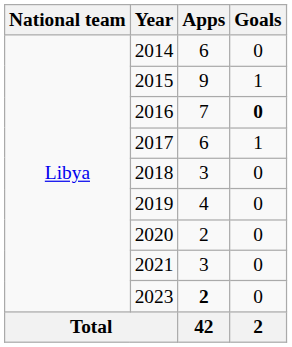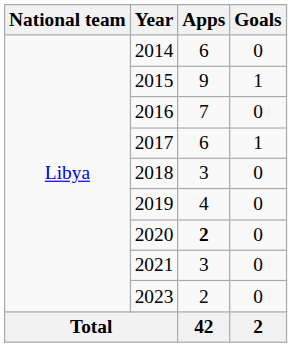 <table class=wikitable style=text-align:center>
 <tr>
 <th>National team</th>
 <th>Year</th>
 <th>Apps</th>
 <th>Goals</th>
 </tr>
 <tr>
 <td rowspan="9"><a href='#'>Libya</a></td>
 <td>2014</td>
 <td>6</td>
 <td>0</td>
 </tr>
 <tr>
 <td>2015</td>
 <td>9</td>
 <td>1</td>
 </tr>
 <tr>
 <td>2016</td>
 <td>7</td>
-<td><strong>0</strong></td>
+<td>0</td>
 </tr>
 <tr>
 <td>2017</td>
 <td>6</td>
 <td>1</td>
 </tr>
 <tr>
 <td>2018</td>
 <td>3</td>
 <td>0</td>
 </tr>
 <tr>
 <td>2019</td>
 <td>4</td>
 <td>0</td>
 </tr>
 <tr>
 <td>2020</td>
-<td>2</td>
+<td><strong>2</strong></td>
 <td>0</td>
 </tr>
 <tr>
 <td>2021</td>
 <td>3</td>
 <td>0</td>
 </tr>
 <tr>
 <td>2023</td>
-<td><strong>2</strong></td>
+<td>2</td>
 <td>0</td>
 </tr>
 <tr>
 <th colspan="2">Total</th>
 <th>42</th>
 <th>2</th>
 </tr>
 </table>
